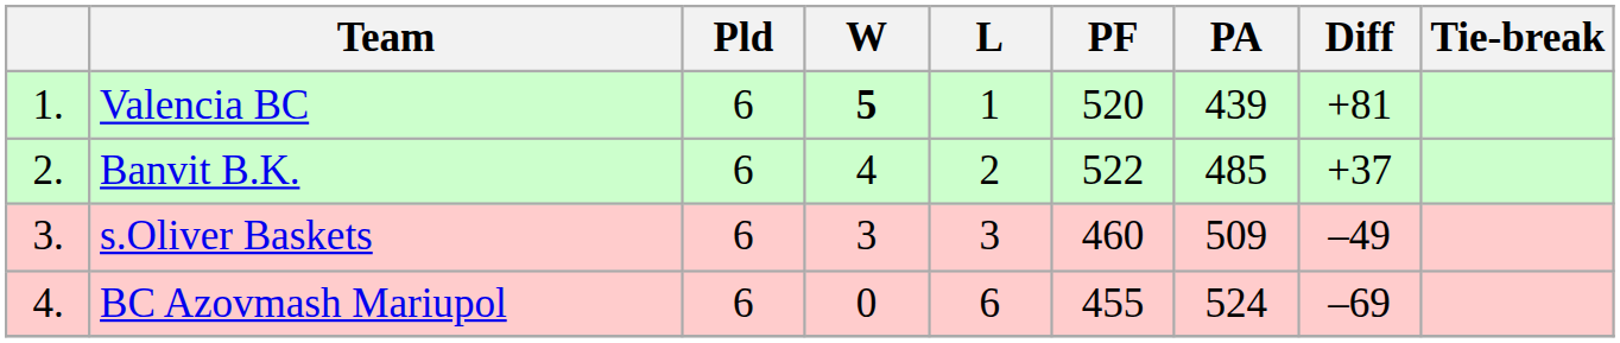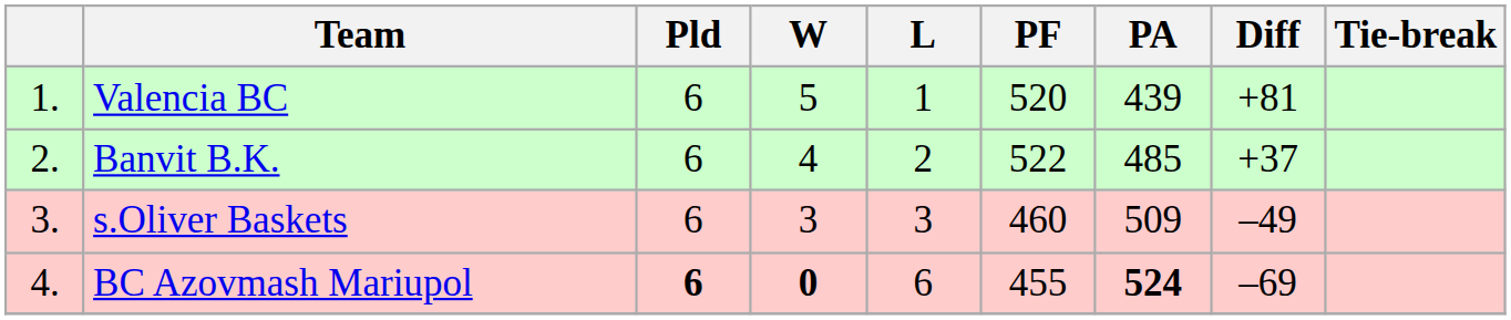 <table class="wikitable" style="text-align:center">
 <tr>
 <th width=25></th>
 <th width=220>Team</th>
 <th width=40>Pld</th>
 <th width=40>W</th>
 <th width=40>L</th>
 <th width=40>PF</th>
 <th width=40>PA</th>
 <th width=40>Diff</th>
 <th>Tie-break</th>
 </tr>
 <tr style="background:#ccffcc;">
 <td>1.</td>
 <td align=left> <a href='#'>Valencia BC</a></td>
 <td>6</td>
-<td><strong>5</strong></td>
+<td>5</td>
 <td>1</td>
 <td>520</td>
 <td>439</td>
 <td>+81</td>
 <td></td>
 </tr>
 <tr style="background:#ccffcc;">
 <td>2.</td>
 <td align=left> <a href='#'>Banvit B.K.</a></td>
 <td>6</td>
 <td>4</td>
 <td>2</td>
 <td>522</td>
 <td>485</td>
 <td>+37</td>
 <td></td>
 </tr>
 <tr style="background:#ffcccc;">
 <td>3.</td>
 <td align=left> <a href='#'>s.Oliver Baskets</a></td>
 <td>6</td>
 <td>3</td>
 <td>3</td>
 <td>460</td>
 <td>509</td>
 <td>–49</td>
 <td></td>
 </tr>
 <tr style="background:#ffcccc;">
 <td>4.</td>
 <td align=left> <a href='#'>BC Azovmash Mariupol</a></td>
-<td>6</td>
-<td>0</td>
+<td><strong>6</strong></td>
+<td><strong>0</strong></td>
 <td>6</td>
 <td>455</td>
-<td>524</td>
+<td><strong>524</strong></td>
 <td>–69</td>
 <td></td>
 </tr>
 <tr>
 </tr>
 </table>
